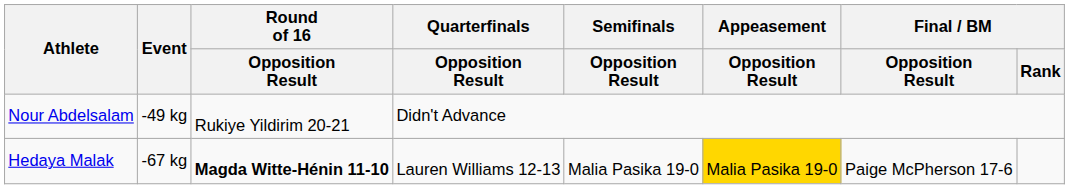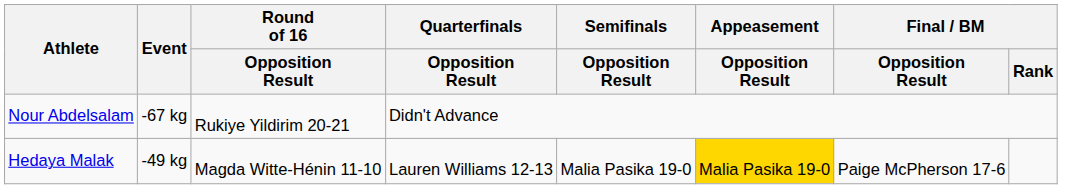 <table class="wikitable">
 <tr>
 <th rowspan="2">Athlete</th>
 <th rowspan="2">Event</th>
 <th>Round<br>of 16</th>
 <th>Quarterfinals</th>
 <th>Semifinals</th>
 <th>Appeasement</th>
 <th colspan="2">Final / <abbr>BM</abbr></th>
 </tr>
 <tr>
 <th>Opposition<br>Result</th>
 <th>Opposition<br>Result</th>
 <th>Opposition<br>Result</th>
 <th>Opposition<br>Result</th>
 <th>Opposition<br>Result</th>
 <th>Rank</th>
 </tr>
 <tr>
 <td><a href='#'>Nour Abdelsalam</a></td>
-<td>-49 kg</td>
+<td>-67 kg</td>
 <td><br>Rukiye Yildirim 20-21</td>
 <td colspan="5">Didn't Advance</td>
 </tr>
 <tr>
 <td><a href='#'>Hedaya Malak</a></td>
-<td>-67 kg</td>
-<td><strong><br>Magda Witte-Hénin 11-10</strong></td>
+<td>-49 kg</td>
+<td><br>Magda Witte-Hénin 11-10</td>
 <td><br>Lauren Williams 12-13</td>
 <td><br>Malia Pasika 19-0</td>
 <td style="background: gold;"><br>Malia Pasika 19-0</td>
 <td><br>Paige McPherson 17-6</td>
 <td></td>
 </tr>
 </table>
